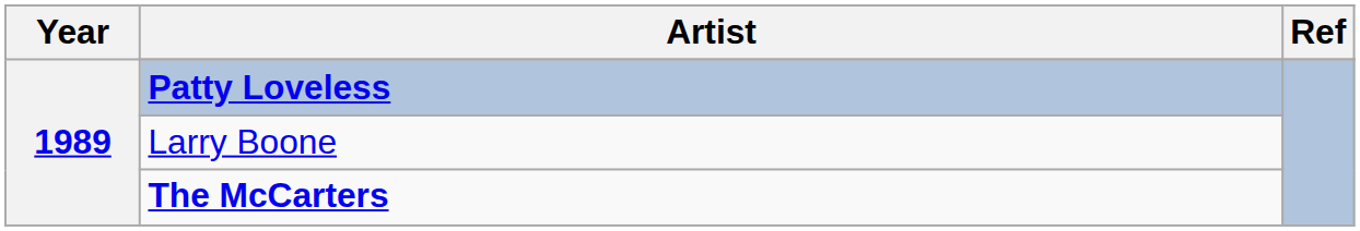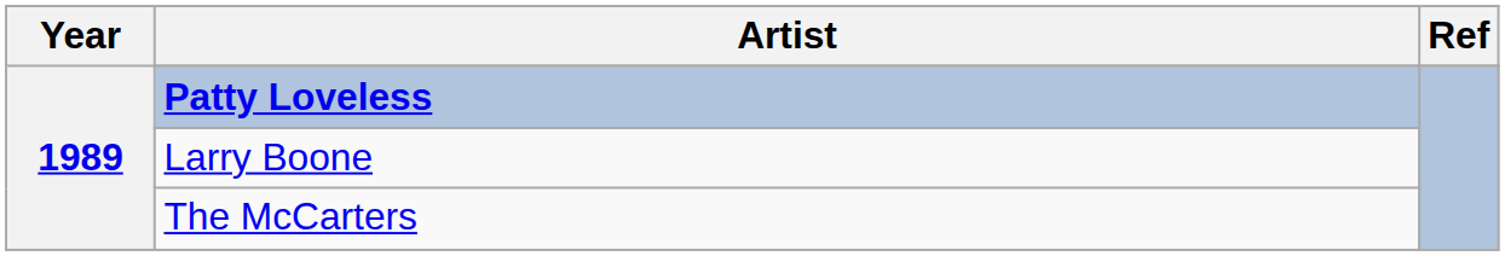 <table class="wikitable" width="100%">
 <tr>
 <th width="10%">Year</th>
 <th width="85%">Artist</th>
 <th width="5%">Ref</th>
 </tr>
 <tr>
 <th rowspan="4" align="center"><a href='#'>1989<br></a></th>
 </tr>
 <tr style="background:#B0C4DE">
 <td><strong><a href='#'>Patty Loveless</a></strong></td>
 <td rowspan="4" align="center"></td>
 </tr>
 <tr>
 <td><a href='#'>Larry Boone</a></td>
 </tr>
 <tr>
-<td><strong><a href='#'>The McCarters</a></strong></td>
+<td><a href='#'>The McCarters</a></td>
 </tr>
 </table>
